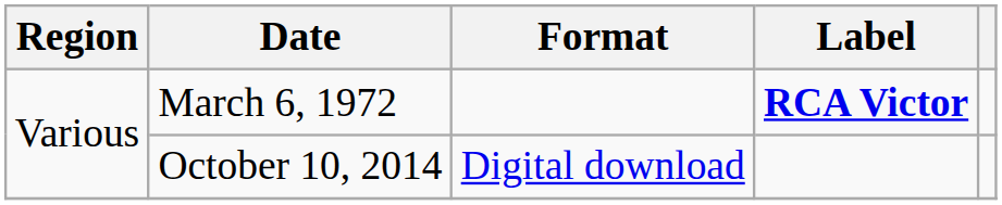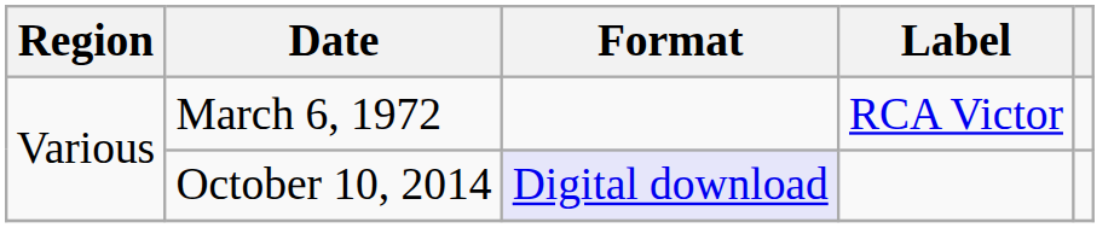 <table class="wikitable plainrowheaders">
 <tr>
 <th scope="col">Region</th>
 <th scope="col">Date</th>
 <th scope="col">Format</th>
 <th scope="col">Label</th>
 <th scope="col"></th>
 </tr>
 <tr>
 <td rowspan = "2">Various</td>
 <td>March 6, 1972</td>
 <td></td>
-<td><strong><a href='#'>RCA Victor</a></strong></td>
+<td><a href='#'>RCA Victor</a></td>
 <td></td>
 </tr>
 <tr>
 <td>October 10, 2014</td>
-<td><a href='#'>Digital download</a></td>
+<td style="background: lavender;"><a href='#'>Digital download</a></td>
 <td></td>
 <td></td>
 </tr>
 <tr>
 </tr>
 </table>
